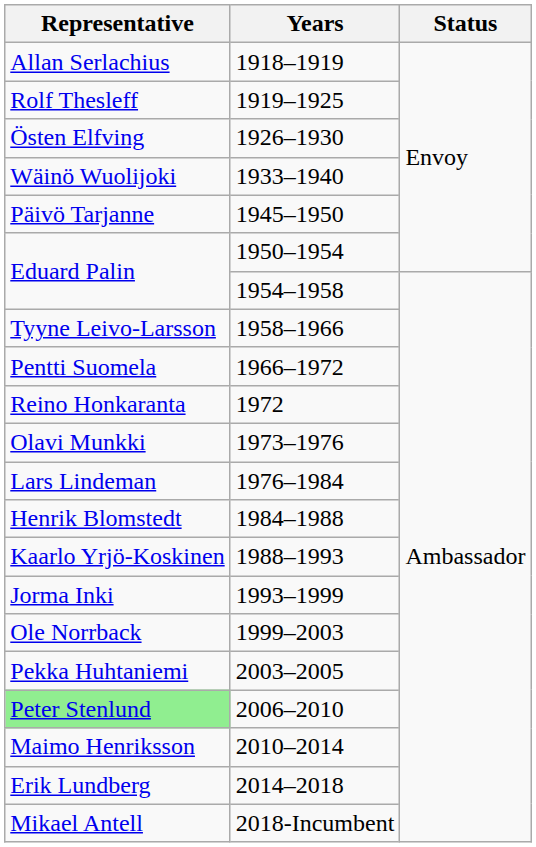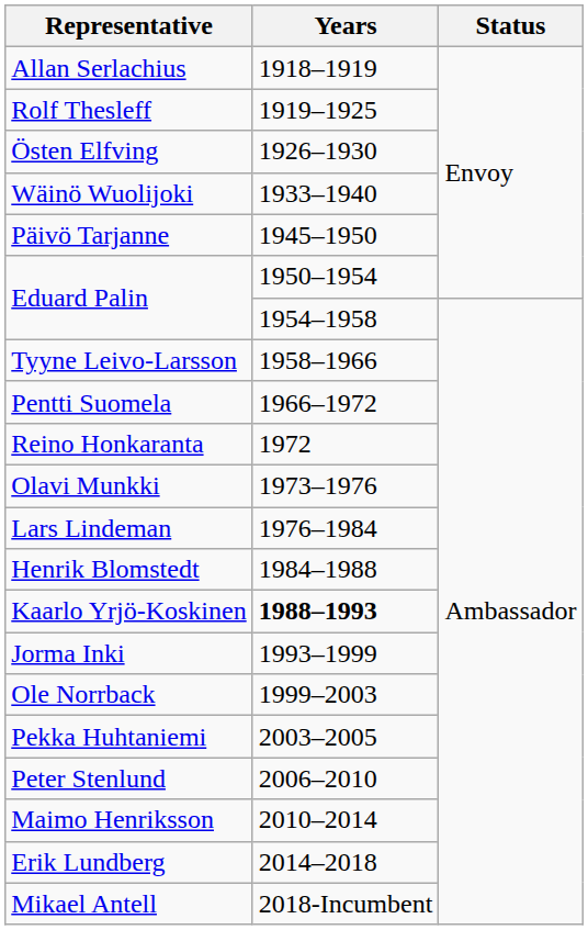 <table class="wikitable sortable">
 <tr>
 <th>Representative</th>
 <th>Years</th>
 <th>Status</th>
 </tr>
 <tr>
 <td><a href='#'>Allan Serlachius</a></td>
 <td>1918–1919</td>
 <td rowspan="6">Envoy</td>
 </tr>
 <tr>
 <td><a href='#'>Rolf Thesleff</a></td>
 <td>1919–1925</td>
 </tr>
 <tr>
 <td><a href='#'>Östen Elfving</a></td>
 <td>1926–1930</td>
 </tr>
 <tr>
 <td><a href='#'>Wäinö Wuolijoki</a></td>
 <td>1933–1940</td>
 </tr>
 <tr>
 <td><a href='#'>Päivö Tarjanne</a></td>
 <td>1945–1950</td>
 </tr>
 <tr>
 <td rowspan="2"><a href='#'>Eduard Palin</a></td>
 <td>1950–1954</td>
 </tr>
 <tr>
 <td>1954–1958</td>
 <td rowspan="15">Ambassador</td>
 </tr>
 <tr>
 <td><a href='#'>Tyyne Leivo-Larsson</a></td>
 <td>1958–1966</td>
 </tr>
 <tr>
 <td><a href='#'>Pentti Suomela</a></td>
 <td>1966–1972</td>
 </tr>
 <tr>
 <td><a href='#'>Reino Honkaranta</a></td>
 <td>1972</td>
 </tr>
 <tr>
 <td><a href='#'>Olavi Munkki</a></td>
 <td>1973–1976</td>
 </tr>
 <tr>
 <td><a href='#'>Lars Lindeman</a></td>
 <td>1976–1984</td>
 </tr>
 <tr>
 <td><a href='#'>Henrik Blomstedt</a></td>
 <td>1984–1988</td>
 </tr>
 <tr>
 <td><a href='#'>Kaarlo Yrjö-Koskinen</a></td>
-<td>1988–1993</td>
+<td><strong>1988–1993</strong></td>
 </tr>
 <tr>
 <td><a href='#'>Jorma Inki</a></td>
 <td>1993–1999</td>
 </tr>
 <tr>
 <td><a href='#'>Ole Norrback</a></td>
 <td>1999–2003</td>
 </tr>
 <tr>
 <td><a href='#'>Pekka Huhtaniemi</a></td>
 <td>2003–2005</td>
 </tr>
 <tr>
-<td style="background: lightgreen;"><a href='#'>Peter Stenlund</a></td>
+<td><a href='#'>Peter Stenlund</a></td>
 <td>2006–2010</td>
 </tr>
 <tr>
 <td><a href='#'>Maimo Henriksson</a></td>
 <td>2010–2014</td>
 </tr>
 <tr>
 <td><a href='#'>Erik Lundberg</a></td>
 <td>2014–2018</td>
 </tr>
 <tr>
 <td><a href='#'>Mikael Antell</a></td>
 <td>2018-Incumbent</td>
 </tr>
 </table>
